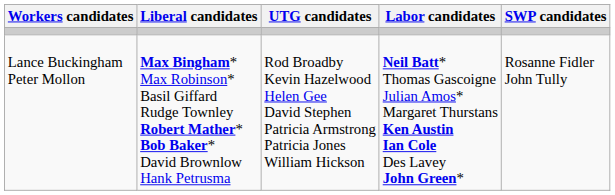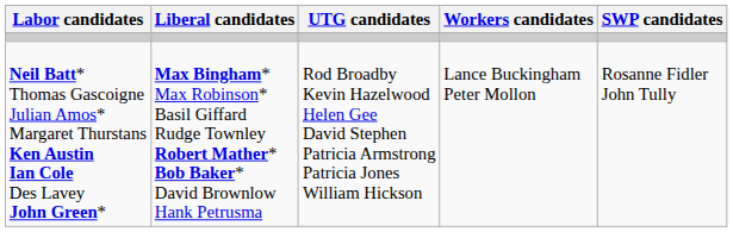 <table class="wikitable">
 <tr>
-<th><a href='#'>Workers</a> candidates</th>
+<th><a href='#'>Labor</a> candidates</th>
 <th><a href='#'>Liberal</a> candidates</th>
 <th><a href='#'>UTG</a> candidates</th>
-<th><a href='#'>Labor</a> candidates</th>
+<th><a href='#'>Workers</a> candidates</th>
 <th><a href='#'>SWP</a> candidates</th>
 </tr>
 <tr bgcolor="#cccccc">
 <td></td>
 <td></td>
 <td></td>
 <td></td>
 <td></td>
 </tr>
 <tr>
-<td valign=top><br>Lance Buckingham<br> Peter Mollon<br></td>
+<td><br><strong><a href='#'>Neil Batt</a></strong>*<br> Thomas Gascoigne<br> <a href='#'>Julian Amos</a>*<br> Margaret Thurstans<br> <strong><a href='#'>Ken Austin</a></strong><br> <strong><a href='#'>Ian Cole</a></strong><br> Des Lavey<br> <strong><a href='#'>John Green</a></strong>*</td>
 <td><br><strong><a href='#'>Max Bingham</a></strong>*<br> <a href='#'>Max Robinson</a>*<br> Basil Giffard<br> Rudge Townley<br> <strong><a href='#'>Robert Mather</a></strong>*<br> <strong><a href='#'>Bob Baker</a></strong>*<br> David Brownlow<br> <a href='#'>Hank Petrusma</a></td>
 <td valign=top><br>Rod Broadby<br> Kevin Hazelwood<br> <a href='#'>Helen Gee</a><br> David Stephen<br> Patricia Armstrong<br> Patricia Jones<br> William Hickson</td>
-<td><br><strong><a href='#'>Neil Batt</a></strong>*<br> Thomas Gascoigne<br> <a href='#'>Julian Amos</a>*<br> Margaret Thurstans<br> <strong><a href='#'>Ken Austin</a></strong><br> <strong><a href='#'>Ian Cole</a></strong><br> Des Lavey<br> <strong><a href='#'>John Green</a></strong>*</td>
+<td valign=top><br>Lance Buckingham<br> Peter Mollon<br></td>
 <td valign=top><br>Rosanne Fidler<br> John Tully</td>
 </tr>
 </table>
